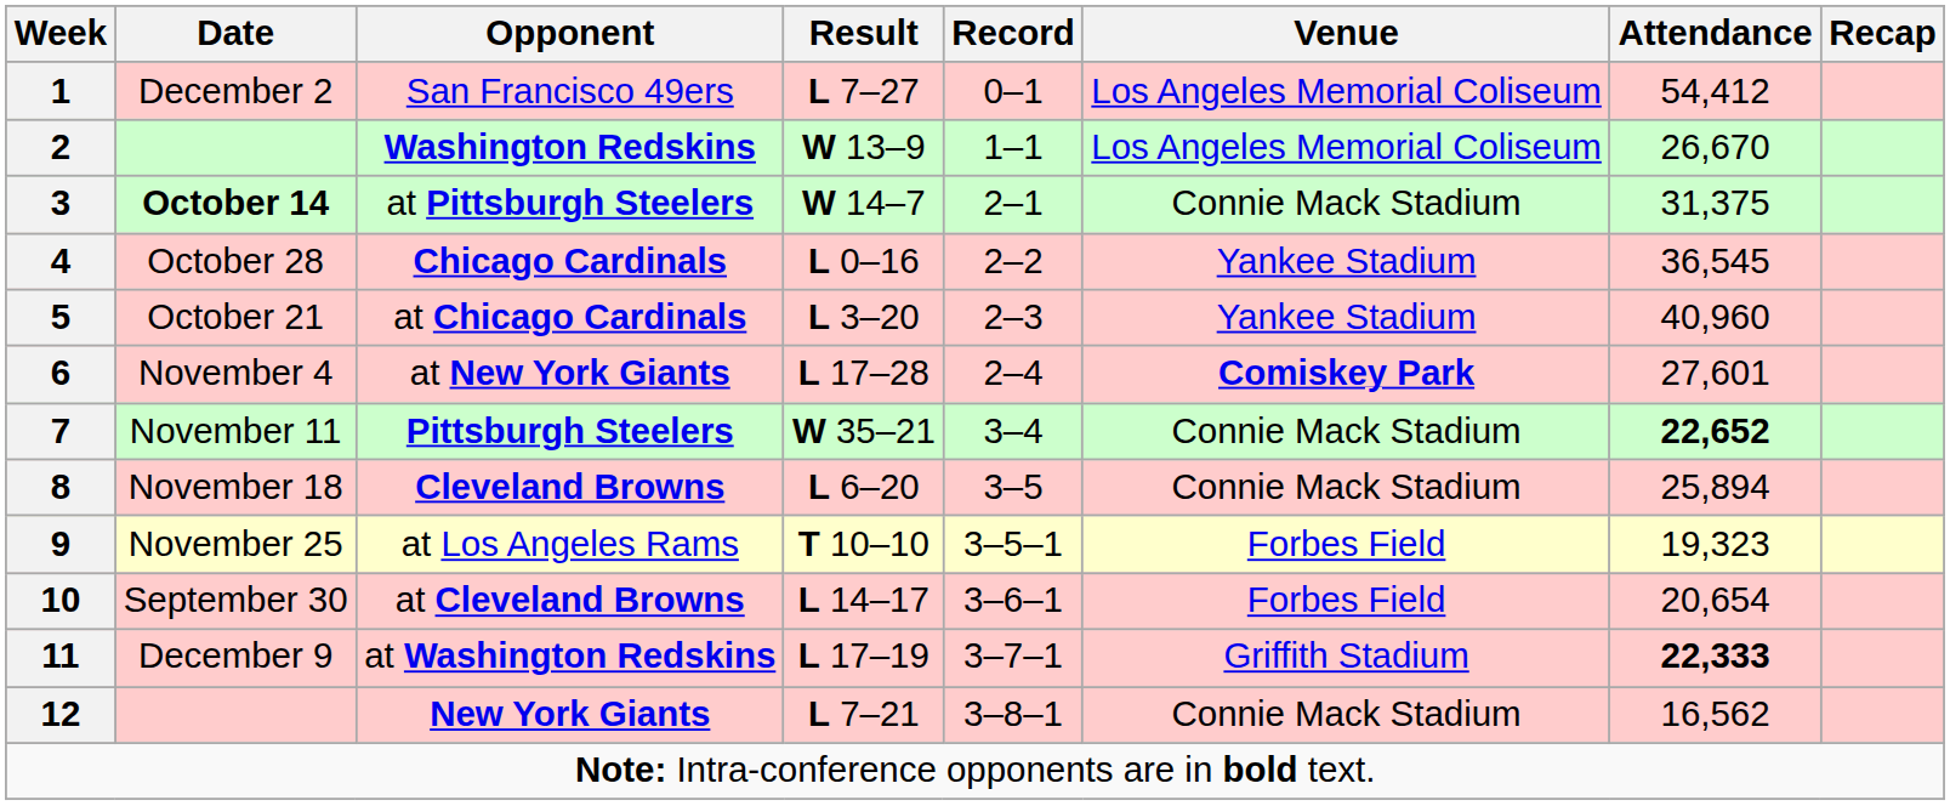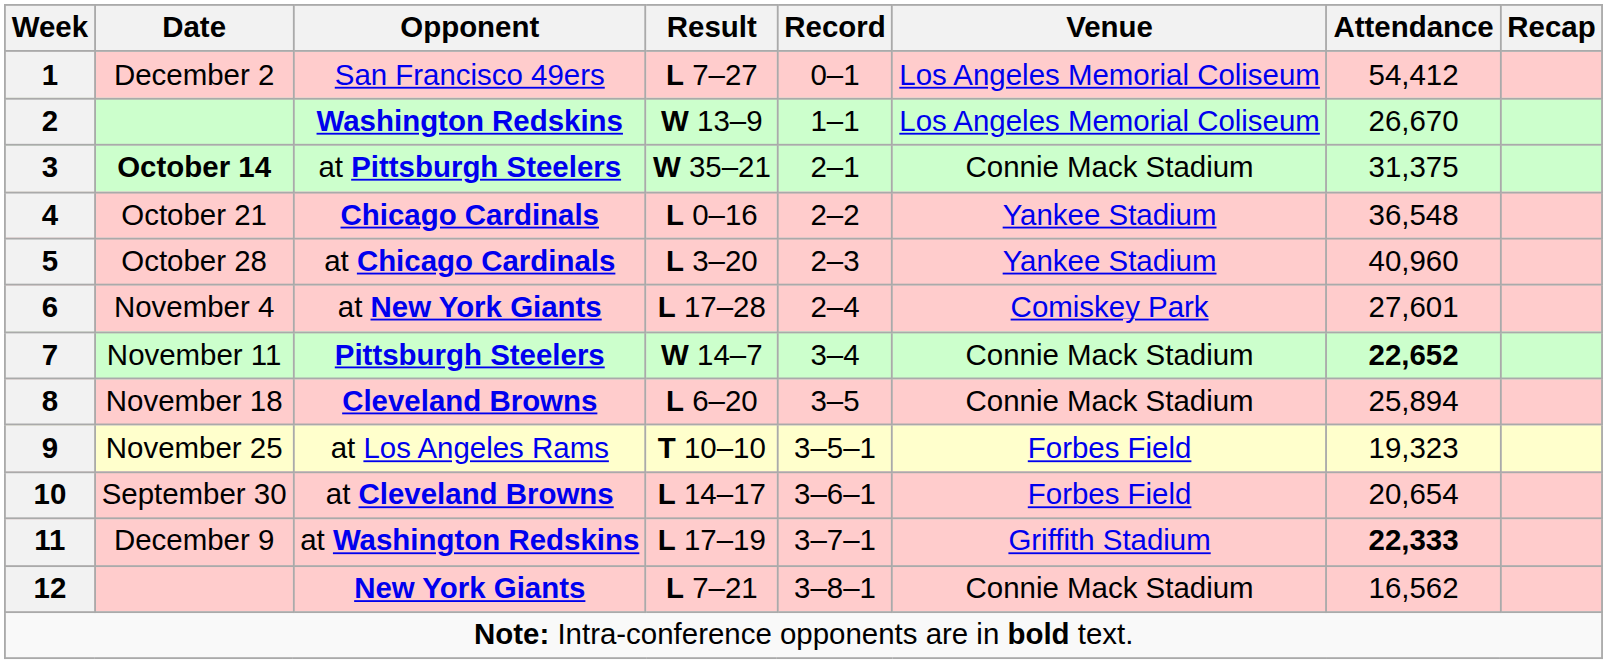 <table class="wikitable" style="text-align:center">
 <tr>
 <th>Week</th>
 <th>Date</th>
 <th>Opponent</th>
 <th>Result</th>
 <th>Record</th>
 <th>Venue</th>
 <th>Attendance</th>
 <th>Recap</th>
 </tr>
 <tr style="background:#fcc">
 <th>1</th>
 <td>December 2</td>
 <td><a href='#'>San Francisco 49ers</a></td>
 <td><strong>L</strong> 7–27</td>
 <td>0–1</td>
 <td><a href='#'>Los Angeles Memorial Coliseum</a></td>
 <td>54,412</td>
 <td></td>
 </tr>
 <tr style="background:#cfc">
 <th>2</th>
 <td></td>
 <td><strong><a href='#'>Washington Redskins</a></strong></td>
 <td><strong>W</strong> 13–9</td>
 <td>1–1</td>
 <td><a href='#'>Los Angeles Memorial Coliseum</a></td>
 <td>26,670</td>
 <td></td>
 </tr>
 <tr style="background:#cfc">
 <th>3</th>
 <td><strong>October 14</strong></td>
 <td>at <strong><a href='#'>Pittsburgh Steelers</a></strong></td>
-<td><strong>W</strong> 14–7</td>
+<td><strong>W</strong> 35–21</td>
 <td>2–1</td>
 <td>Connie Mack Stadium</td>
 <td>31,375</td>
 <td></td>
 </tr>
 <tr style="background:#fcc">
 <th>4</th>
-<td>October 28</td>
+<td>October 21</td>
 <td><strong><a href='#'>Chicago Cardinals</a></strong></td>
 <td><strong>L</strong> 0–16</td>
 <td>2–2</td>
 <td><a href='#'>Yankee Stadium</a></td>
-<td>36,545</td>
+<td>36,548</td>
 <td></td>
 </tr>
 <tr style="background:#fcc">
 <th>5</th>
-<td>October 21</td>
+<td>October 28</td>
 <td>at <strong><a href='#'>Chicago Cardinals</a></strong></td>
 <td><strong>L</strong> 3–20</td>
 <td>2–3</td>
 <td><a href='#'>Yankee Stadium</a></td>
 <td>40,960</td>
 <td></td>
 </tr>
 <tr style="background:#fcc">
 <th>6</th>
 <td>November 4</td>
 <td>at <strong><a href='#'>New York Giants</a></strong></td>
 <td><strong>L</strong> 17–28</td>
 <td>2–4</td>
-<td><strong><a href='#'>Comiskey Park</a></strong></td>
+<td><a href='#'>Comiskey Park</a></td>
 <td>27,601</td>
 <td></td>
 </tr>
 <tr style="background:#cfc">
 <th>7</th>
 <td>November 11</td>
 <td><strong><a href='#'>Pittsburgh Steelers</a></strong></td>
-<td><strong>W</strong> 35–21</td>
+<td><strong>W</strong> 14–7</td>
 <td>3–4</td>
 <td>Connie Mack Stadium</td>
 <td><strong>22,652</strong></td>
 <td></td>
 </tr>
 <tr style="background:#fcc">
 <th>8</th>
 <td>November 18</td>
 <td><strong><a href='#'>Cleveland Browns</a></strong></td>
 <td><strong>L</strong> 6–20</td>
 <td>3–5</td>
 <td>Connie Mack Stadium</td>
 <td>25,894</td>
 <td></td>
 </tr>
 <tr style="background:#ffc">
 <th>9</th>
 <td>November 25</td>
 <td>at <a href='#'>Los Angeles Rams</a></td>
 <td><strong>T</strong> 10–10</td>
 <td>3–5–1</td>
 <td><a href='#'>Forbes Field</a></td>
 <td>19,323</td>
 <td></td>
 </tr>
 <tr style="background:#fcc">
 <th>10</th>
 <td>September 30</td>
 <td>at <strong><a href='#'>Cleveland Browns</a></strong></td>
 <td><strong>L</strong> 14–17</td>
 <td>3–6–1</td>
 <td><a href='#'>Forbes Field</a></td>
 <td>20,654</td>
 <td></td>
 </tr>
 <tr style="background:#fcc">
 <th>11</th>
 <td>December 9</td>
 <td>at <strong><a href='#'>Washington Redskins</a></strong></td>
 <td><strong>L</strong> 17–19</td>
 <td>3–7–1</td>
 <td><a href='#'>Griffith Stadium</a></td>
 <td><strong>22,333</strong></td>
 <td></td>
 </tr>
 <tr style="background:#fcc">
 <th>12</th>
 <td></td>
 <td><strong><a href='#'>New York Giants</a></strong></td>
 <td><strong>L</strong> 7–21</td>
 <td>3–8–1</td>
 <td>Connie Mack Stadium</td>
 <td>16,562</td>
 <td></td>
 </tr>
 <tr>
 <td colspan="8"><strong>Note:</strong> Intra-conference opponents are in <strong>bold</strong> text.</td>
 </tr>
 </table>
